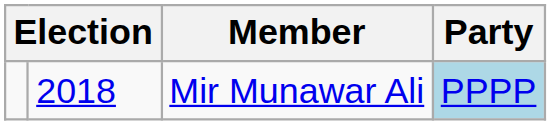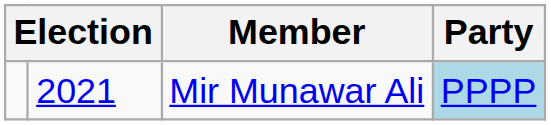 <table class="wikitable">
 <tr>
 <th colspan="2">Election</th>
 <th>Member</th>
 <th>Party</th>
 </tr>
 <tr>
 <td style="background-color: "></td>
-<td><a href='#'>2018</a></td>
+<td><a href='#'>2021</a></td>
 <td><a href='#'>Mir Munawar Ali</a></td>
 <td style="background: lightblue;"><a href='#'>PPPP</a></td>
 </tr>
 </table>
